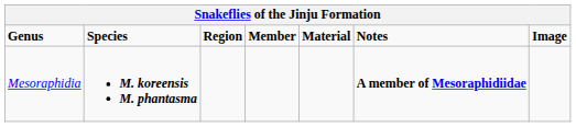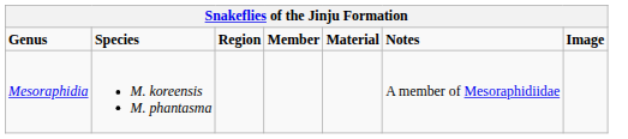 <table class="wikitable">
 <tr>
 <th colspan="7"><a href='#'>Snakeflies</a> of the Jinju Formation</th>
 </tr>
 <tr>
 <td><strong>Genus</strong></td>
 <td><strong>Species</strong></td>
 <td><strong>Region</strong></td>
 <td><strong>Member</strong></td>
 <td><strong>Material</strong></td>
 <td><strong>Notes</strong></td>
 <td><strong>Image</strong></td>
 </tr>
 <tr>
 <td><em><a href='#'>Mesoraphidia</a></em></td>
-<td><strong><br><ul><li><em>M. koreensis</em></li><li><em>M. phantasma</em></li></ul></strong></td>
+<td><br><ul><li><em>M. koreensis</em></li><li><em>M. phantasma</em></li></ul></td>
 <td></td>
 <td></td>
 <td></td>
-<td><strong>A member of <a href='#'>Mesoraphidiidae</a></strong></td>
+<td>A member of <a href='#'>Mesoraphidiidae</a></td>
 <td></td>
 </tr>
 </table>
